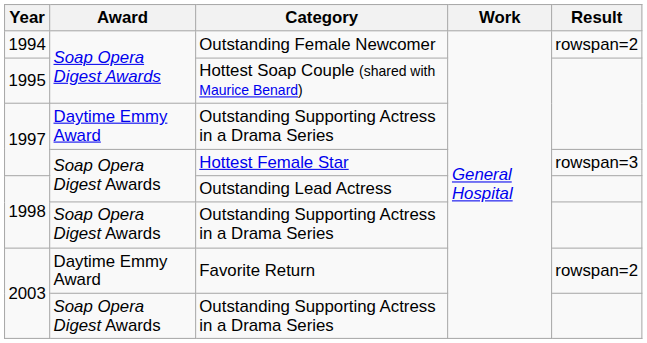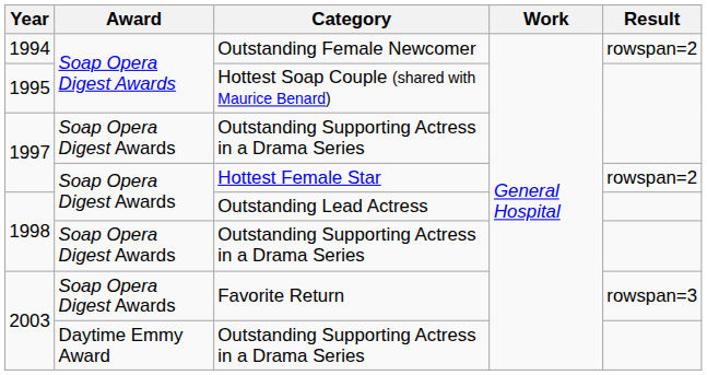 <table class="wikitable sortable">
 <tr>
 <th>Year</th>
 <th>Award</th>
 <th>Category</th>
 <th>Work</th>
 <th>Result</th>
 </tr>
 <tr>
 <td>1994</td>
 <td rowspan=2><em><a href='#'>Soap Opera Digest Awards</a></em></td>
 <td>Outstanding Female Newcomer</td>
 <td rowspan=8><em><a href='#'>General Hospital</a></em></td>
 <td>rowspan=2 </td>
 </tr>
 <tr>
 <td>1995</td>
 <td>Hottest Soap Couple <small>(shared with <a href='#'>Maurice Benard</a>)</small></td>
 </tr>
 <tr>
 <td rowspan=2>1997</td>
-<td><a href='#'>Daytime Emmy Award</a></td>
+<td><em>Soap Opera Digest</em> Awards</td>
 <td>Outstanding Supporting Actress in a Drama Series</td>
 </tr>
 <tr>
 <td rowspan=2><em>Soap Opera Digest</em> Awards</td>
 <td><a href='#'>Hottest Female Star</a></td>
-<td>rowspan=3 </td>
+<td>rowspan=2 </td>
 </tr>
 <tr>
 <td rowspan=2>1998</td>
 <td>Outstanding Lead Actress</td>
 </tr>
 <tr>
 <td><em>Soap Opera Digest</em> Awards</td>
 <td>Outstanding Supporting Actress in a Drama Series</td>
 <td></td>
 </tr>
 <tr>
 <td rowspan=2>2003</td>
-<td>Daytime Emmy Award</td>
+<td><em>Soap Opera Digest</em> Awards</td>
 <td>Favorite Return</td>
-<td>rowspan=2 </td>
+<td>rowspan=3 </td>
 </tr>
 <tr>
-<td><em>Soap Opera Digest</em> Awards</td>
+<td>Daytime Emmy Award</td>
 <td>Outstanding Supporting Actress in a Drama Series</td>
 </tr>
 </table>
